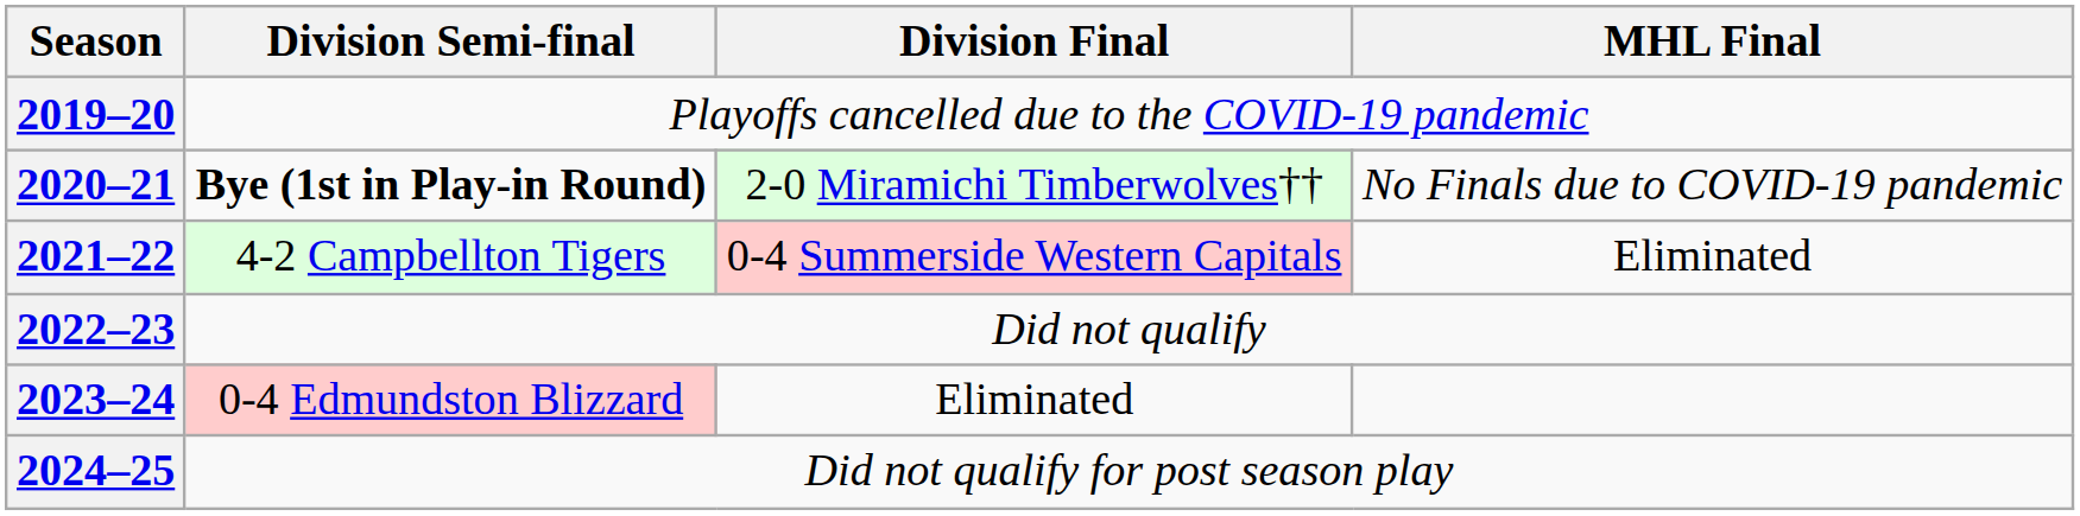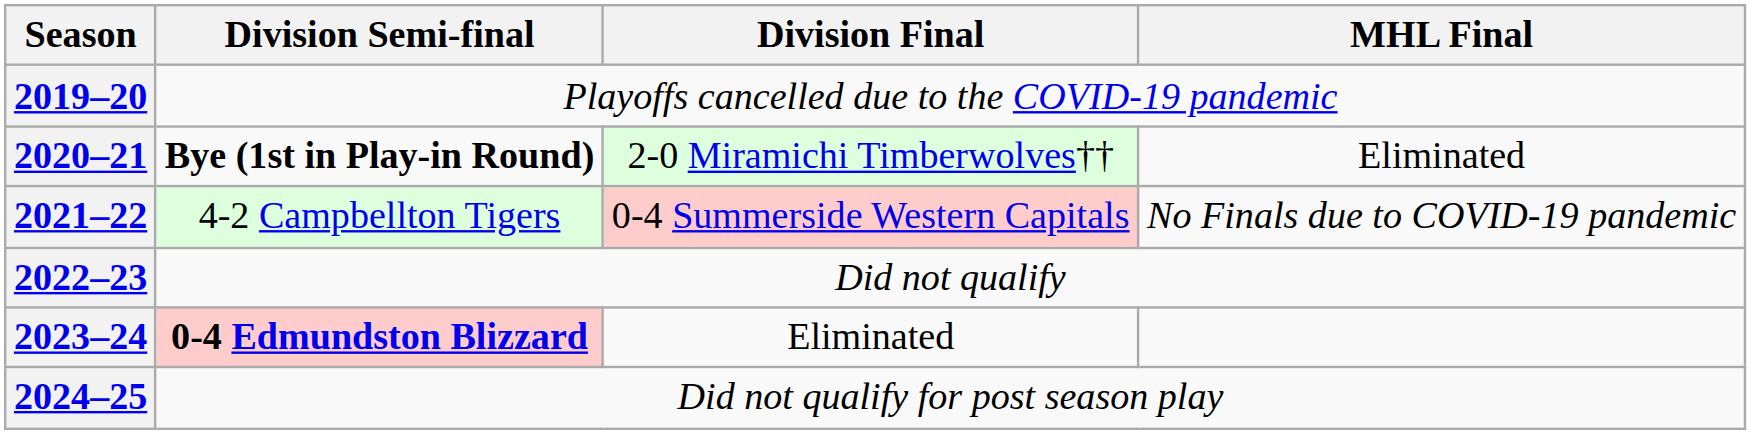 <table class="wikitable" style="text-align:center">
 <tr>
 <th>Season</th>
 <th>Division Semi-final</th>
 <th>Division Final</th>
 <th>MHL Final</th>
 </tr>
 <tr>
 <th scope="row"><a href='#'>2019–20</a></th>
 <td colspan="3"><em>Playoffs cancelled due to the <a href='#'>COVID-19 pandemic</a></em></td>
 </tr>
 <tr>
 <th><a href='#'>2020–21</a></th>
 <td><strong>Bye (1st in Play-in Round)</strong></td>
 <td style="background:#DDFFDD">2-0 <a href='#'>Miramichi Timberwolves</a>††</td>
-<td><em>No Finals due to COVID-19 pandemic</em></td>
+<td>Eliminated</td>
 </tr>
 <tr>
 <th><a href='#'>2021–22</a></th>
 <td style="background:#DDFFDD">4-2 <a href='#'>Campbellton Tigers</a></td>
 <td style="background:#FFCCCC">0-4 <a href='#'>Summerside Western Capitals</a></td>
-<td>Eliminated</td>
+<td><em>No Finals due to COVID-19 pandemic</em></td>
 </tr>
 <tr>
 <th scope="row"><a href='#'>2022–23</a></th>
 <td colspan="3"><em>Did not qualify</em></td>
 </tr>
 <tr>
 <th><a href='#'>2023–24</a></th>
-<td style="background:#FFCCCC">0-4 <a href='#'>Edmundston Blizzard</a></td>
+<td style="background:#FFCCCC"><strong>0-4 <a href='#'>Edmundston Blizzard</a></strong></td>
 <td>Eliminated</td>
 </tr>
 <tr>
 <th><a href='#'>2024–25</a></th>
 <td colspan="3"><em>Did not qualify for post season play</em></td>
 </tr>
 </table>
